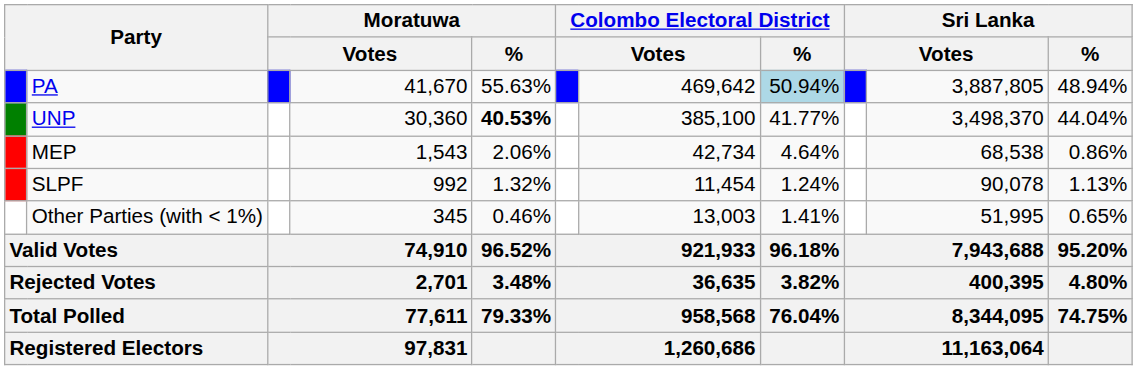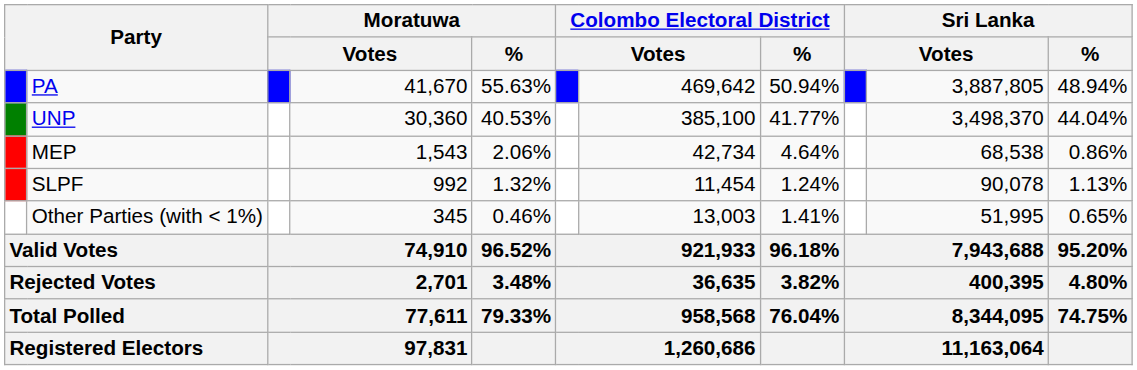 <table class="wikitable">
 <tr>
 <th colspan="2" width="144px"rowspan="2">Party</th>
 <th colspan="3" width="216px">Moratuwa</th>
 <th colspan="3" width="216px"><a href='#'>Colombo Electoral District</a></th>
 <th colspan="3" width="216px">Sri Lanka</th>
 </tr>
 <tr>
 <th colspan="2" width="144px">Votes</th>
 <th>%</th>
 <th colspan="2" width="144px">Votes</th>
 <th>%</th>
 <th colspan="2" width="144px">Votes</th>
 <th>%</th>
 </tr>
 <tr>
 <td style="background-color:blue;" width="10px"></td>
 <td style="text-align:left;"><a href='#'>PA</a></td>
 <td style="background-color:blue;" width="10px"></td>
 <td style="text-align:right;">41,670</td>
 <td style="text-align:right;">55.63%</td>
 <td style="background-color:blue;" width="10px"></td>
 <td style="text-align:right;">469,642</td>
-<td style="background: lightblue; text-align:right;">50.94%</td>
+<td style="text-align:right;">50.94%</td>
 <td style="background-color:blue;" width="10px"></td>
 <td style="text-align:right;">3,887,805</td>
 <td style="text-align:right;">48.94%</td>
 </tr>
 <tr>
 <td style="background-color:green;" width="10px"></td>
 <td style="text-align:left;"><a href='#'>UNP</a></td>
 <td style="background-color:white;" width="10px"></td>
 <td style="text-align:right;">30,360</td>
-<td style="text-align:right;"><strong>40.53%</strong></td>
+<td style="text-align:right;">40.53%</td>
 <td style="background-color:white;" width="10px"></td>
 <td style="text-align:right;">385,100</td>
 <td style="text-align:right;">41.77%</td>
 <td style="background-color:white;" width="10px"></td>
 <td style="text-align:right;">3,498,370</td>
 <td style="text-align:right;">44.04%</td>
 </tr>
 <tr>
 <td style="background-color:red;" width="10px"></td>
 <td style="text-align:left;">MEP</td>
 <td style="background-color:white;" width="10px"></td>
 <td style="text-align:right;">1,543</td>
 <td style="text-align:right;">2.06%</td>
 <td style="background-color:white;" width="10px"></td>
 <td style="text-align:right;">42,734</td>
 <td style="text-align:right;">4.64%</td>
 <td style="background-color:white;" width="10px"></td>
 <td style="text-align:right;">68,538</td>
 <td style="text-align:right;">0.86%</td>
 </tr>
 <tr>
 <td style="background-color:red;" width="10px"></td>
 <td style="text-align:left;">SLPF</td>
 <td style="background-color:white;" width="10px"></td>
 <td style="text-align:right;">992</td>
 <td style="text-align:right;">1.32%</td>
 <td style="background-color:white;" width="10px"></td>
 <td style="text-align:right;">11,454</td>
 <td style="text-align:right;">1.24%</td>
 <td style="background-color:white;" width="10px"></td>
 <td style="text-align:right;">90,078</td>
 <td style="text-align:right;">1.13%</td>
 </tr>
 <tr>
 <td style="background-color:white;" width="10px"></td>
 <td style="text-align:left;">Other Parties (with < 1%)</td>
 <td style="background-color:white;" width="10px"></td>
 <td style="text-align:right;">345</td>
 <td style="text-align:right;">0.46%</td>
 <td style="background-color:white;" width="10px"></td>
 <td style="text-align:right;">13,003</td>
 <td style="text-align:right;">1.41%</td>
 <td style="background-color:white;" width="10px"></td>
 <td style="text-align:right;">51,995</td>
 <td style="text-align:right;">0.65%</td>
 </tr>
 <tr>
 <th colspan="2" width="144px"style="text-align:left;">Valid Votes</th>
 <th style="text-align:right;"colspan="2" width="144px">74,910</th>
 <th style="text-align:right;">96.52%</th>
 <th style="text-align:right;"colspan="2" width="144px">921,933</th>
 <th style="text-align:right;">96.18%</th>
 <th style="text-align:right;"colspan="2" width="144px">7,943,688</th>
 <th style="text-align:right;">95.20%</th>
 </tr>
 <tr>
 <th colspan="2" width="144px"style="text-align:left;">Rejected Votes</th>
 <th style="text-align:right;"colspan="2" width="144px">2,701</th>
 <th style="text-align:right;">3.48%</th>
 <th style="text-align:right;"colspan="2" width="144px">36,635</th>
 <th style="text-align:right;">3.82%</th>
 <th style="text-align:right;"colspan="2" width="144px">400,395</th>
 <th style="text-align:right;">4.80%</th>
 </tr>
 <tr>
 <th colspan="2" width="144px"style="text-align:left;">Total Polled</th>
 <th style="text-align:right;"colspan="2" width="144px">77,611</th>
 <th style="text-align:right;">79.33%</th>
 <th style="text-align:right;"colspan="2" width="144px">958,568</th>
 <th style="text-align:right;">76.04%</th>
 <th style="text-align:right;"colspan="2" width="144px">8,344,095</th>
 <th style="text-align:right;">74.75%</th>
 </tr>
 <tr>
 <th colspan="2" width="144px"style="text-align:left;">Registered Electors</th>
 <th style="text-align:right;"colspan="2" width="144px">97,831</th>
 <th></th>
 <th style="text-align:right;"colspan="2" width="144px">1,260,686</th>
 <th></th>
 <th style="text-align:right;"colspan="2" width="144px">11,163,064</th>
 <th></th>
 </tr>
 </table>
